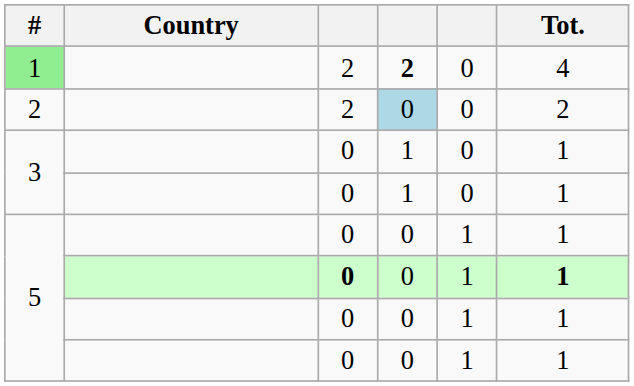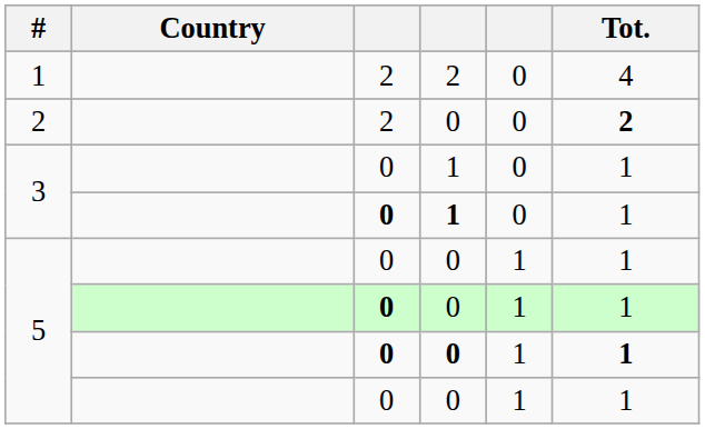 <table class="wikitable" width=30% style="font-size:100%; text-align:center;">
 <tr>
 <th>#</th>
 <th>Country</th>
 <th></th>
 <th></th>
 <th></th>
 <th>Tot.</th>
 </tr>
 <tr>
-<td style="background: lightgreen;">1</td>
+<td>1</td>
 <td style="text-align: left"></td>
 <td>2</td>
-<td><strong>2</strong></td>
+<td>2</td>
 <td>0</td>
 <td>4</td>
 </tr>
 <tr>
 <td>2</td>
 <td style="text-align: left"></td>
 <td>2</td>
-<td style="background: lightblue;">0</td>
 <td>0</td>
-<td>2</td>
+<td>0</td>
+<td><strong>2</strong></td>
 </tr>
 <tr>
 <td rowspan=2>3</td>
 <td style="text-align: left"></td>
 <td>0</td>
 <td>1</td>
 <td>0</td>
 <td>1</td>
 </tr>
 <tr>
 <td style="text-align: left"></td>
-<td>0</td>
-<td>1</td>
+<td><strong>0</strong></td>
+<td><strong>1</strong></td>
 <td>0</td>
 <td>1</td>
 </tr>
 <tr>
 <td rowspan=4>5</td>
 <td style="text-align: left"></td>
 <td>0</td>
 <td>0</td>
 <td>1</td>
 <td>1</td>
 </tr>
 <tr bgcolor=ccffcc>
 <td style="text-align: left"></td>
 <td><strong>0</strong></td>
 <td>0</td>
 <td>1</td>
+<td>1</td>
+</tr>
+<tr>
+<td style="text-align: left"></td>
+<td><strong>0</strong></td>
+<td><strong>0</strong></td>
+<td>1</td>
 <td><strong>1</strong></td>
 </tr>
 <tr>
 <td style="text-align: left"></td>
 <td>0</td>
 <td>0</td>
 <td>1</td>
 <td>1</td>
 </tr>
-<tr>
-<td style="text-align: left"></td>
-<td>0</td>
-<td>0</td>
-<td>1</td>
-<td>1</td>
-</tr>
 </table>
